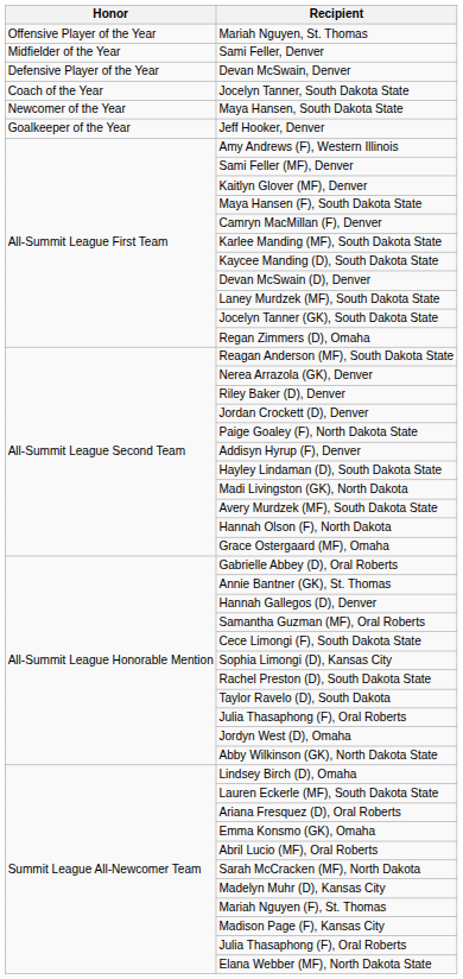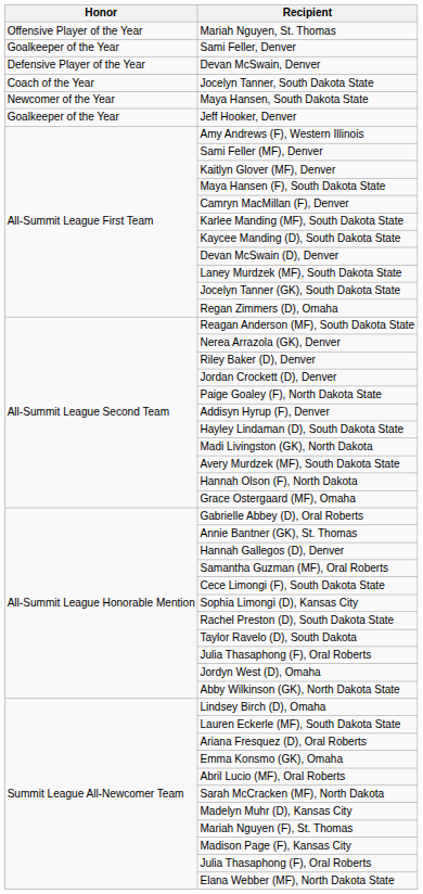 <table class="wikitable" border="1">
 <tr>
 <th>Honor</th>
 <th>Recipient</th>
 </tr>
 <tr>
 <td>Offensive Player of the Year</td>
 <td>Mariah Nguyen, St. Thomas</td>
 </tr>
 <tr>
-<td>Midfielder of the Year</td>
+<td>Goalkeeper of the Year</td>
 <td>Sami Feller, Denver</td>
 </tr>
 <tr>
 <td>Defensive Player of the Year</td>
 <td>Devan McSwain, Denver</td>
 </tr>
 <tr>
 <td>Coach of the Year</td>
 <td>Jocelyn Tanner, South Dakota State</td>
 </tr>
 <tr>
 <td>Newcomer of the Year</td>
 <td>Maya Hansen, South Dakota State</td>
 </tr>
 <tr>
 <td>Goalkeeper of the Year</td>
 <td>Jeff Hooker, Denver</td>
 </tr>
 <tr>
 <td rowspan="11" valign="middle">All-Summit League First Team</td>
 <td>Amy Andrews (F), Western Illinois</td>
 </tr>
 <tr>
 <td>Sami Feller (MF), Denver</td>
 </tr>
 <tr>
 <td>Kaitlyn Glover (MF), Denver</td>
 </tr>
 <tr>
 <td>Maya Hansen (F), South Dakota State</td>
 </tr>
 <tr>
 <td>Camryn MacMillan (F), Denver</td>
 </tr>
 <tr>
 <td>Karlee Manding (MF), South Dakota State</td>
 </tr>
 <tr>
 <td>Kaycee Manding (D), South Dakota State</td>
 </tr>
 <tr>
 <td>Devan McSwain (D), Denver</td>
 </tr>
 <tr>
 <td>Laney Murdzek (MF), South Dakota State</td>
 </tr>
 <tr>
 <td>Jocelyn Tanner (GK), South Dakota State</td>
 </tr>
 <tr>
 <td>Regan Zimmers (D), Omaha</td>
 </tr>
 <tr>
 <td rowspan="11">All-Summit League Second Team</td>
 <td>Reagan Anderson (MF), South Dakota State</td>
 </tr>
 <tr>
 <td>Nerea Arrazola (GK), Denver</td>
 </tr>
 <tr>
 <td>Riley Baker (D), Denver</td>
 </tr>
 <tr>
 <td>Jordan Crockett (D), Denver</td>
 </tr>
 <tr>
 <td>Paige Goaley (F), North Dakota State</td>
 </tr>
 <tr>
 <td>Addisyn Hyrup (F), Denver</td>
 </tr>
 <tr>
 <td>Hayley Lindaman (D), South Dakota State</td>
 </tr>
 <tr>
 <td>Madi Livingston (GK), North Dakota</td>
 </tr>
 <tr>
 <td>Avery Murdzek (MF), South Dakota State</td>
 </tr>
 <tr>
 <td>Hannah Olson (F), North Dakota</td>
 </tr>
 <tr>
 <td>Grace Ostergaard (MF), Omaha</td>
 </tr>
 <tr>
 <td rowspan="11">All-Summit League Honorable Mention</td>
 <td>Gabrielle Abbey (D), Oral Roberts</td>
 </tr>
 <tr>
 <td>Annie Bantner (GK), St. Thomas</td>
 </tr>
 <tr>
 <td>Hannah Gallegos (D), Denver</td>
 </tr>
 <tr>
 <td>Samantha Guzman (MF), Oral Roberts</td>
 </tr>
 <tr>
 <td>Cece Limongi (F), South Dakota State</td>
 </tr>
 <tr>
 <td>Sophia Limongi (D), Kansas City</td>
 </tr>
 <tr>
 <td>Rachel Preston (D), South Dakota State</td>
 </tr>
 <tr>
 <td>Taylor Ravelo (D), South Dakota</td>
 </tr>
 <tr>
 <td>Julia Thasaphong (F), Oral Roberts</td>
 </tr>
 <tr>
 <td>Jordyn West (D), Omaha</td>
 </tr>
 <tr>
 <td>Abby Wilkinson (GK), North Dakota State</td>
 </tr>
 <tr>
 <td rowspan="11">Summit League All-Newcomer Team</td>
 <td>Lindsey Birch (D), Omaha</td>
 </tr>
 <tr>
 <td>Lauren Eckerle (MF), South Dakota State</td>
 </tr>
 <tr>
 <td>Ariana Fresquez (D), Oral Roberts</td>
 </tr>
 <tr>
 <td>Emma Konsmo (GK), Omaha</td>
 </tr>
 <tr>
 <td>Abril Lucio (MF), Oral Roberts</td>
 </tr>
 <tr>
 <td>Sarah McCracken (MF), North Dakota</td>
 </tr>
 <tr>
 <td>Madelyn Muhr (D), Kansas City</td>
 </tr>
 <tr>
 <td>Mariah Nguyen (F), St. Thomas</td>
 </tr>
 <tr>
 <td>Madison Page (F), Kansas City</td>
 </tr>
 <tr>
 <td>Julia Thasaphong (F), Oral Roberts</td>
 </tr>
 <tr>
 <td>Elana Webber (MF), North Dakota State</td>
 </tr>
 </table>
